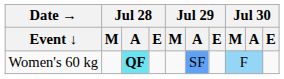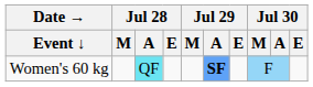 <table class="wikitable" style="margin:0.5em auto;">
 <tr>
 <th>Date →</th>
 <th colspan="3">Jul 28</th>
 <th colspan="3">Jul 29</th>
 <th colspan="3">Jul 30</th>
 </tr>
 <tr>
 <th>Event  ↓</th>
 <th>M</th>
 <th>A</th>
 <th>E</th>
 <th>M</th>
 <th>A</th>
 <th>E</th>
 <th>M</th>
 <th>A</th>
 <th>E</th>
 </tr>
 <tr>
 <td class="event">Women's 60 kg</td>
 <td></td>
-<td bgcolor="#6be4f2" align=center><strong>QF</strong></td>
+<td bgcolor="#6be4f2" align=center>QF</td>
 <td></td>
 <td></td>
-<td bgcolor="#5ea2f7" align=center>SF</td>
+<td bgcolor="#5ea2f7" align=center><strong>SF</strong></td>
 <td></td>
 <td colspan=2 bgcolor="#95d6f7" align=center>F</td>
 <td></td>
 </tr>
 </table>
